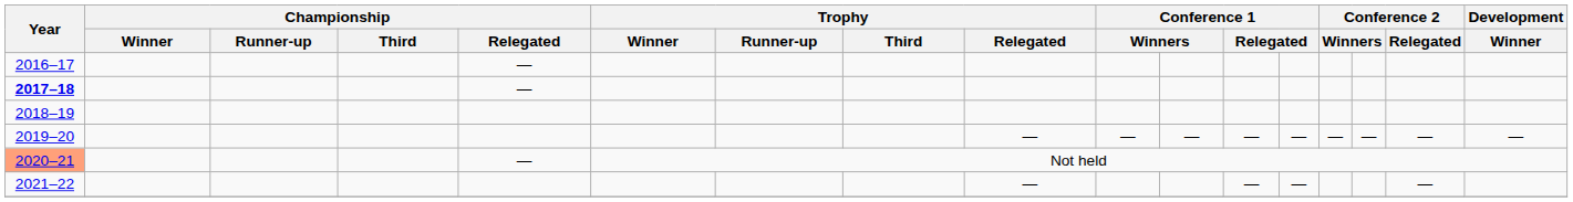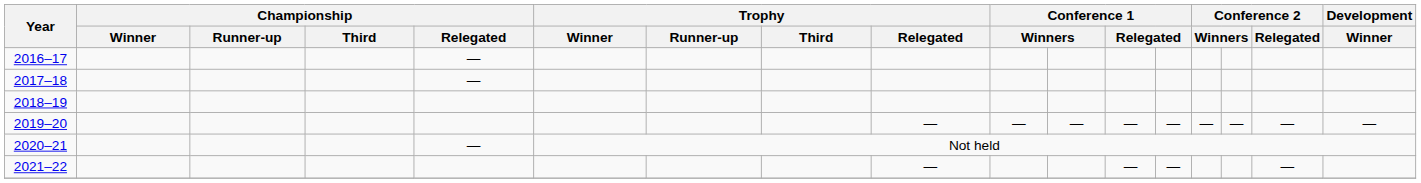 <table class="wikitable" style="font-size:95%; text-align: center;">
 <tr>
 <th rowspan=2 width=6%>Year</th>
 <th colspan=4>Championship</th>
 <th colspan=4>Trophy</th>
 <th colspan=4>Conference 1</th>
 <th colspan=3>Conference 2</th>
 <th>Development</th>
 </tr>
 <tr>
 <th width=10%>Winner</th>
 <th width=10%>Runner-up</th>
 <th width=10%>Third</th>
 <th width=10%>Relegated</th>
 <th width=10%>Winner</th>
 <th width=10%>Runner-up</th>
 <th width=10%>Third</th>
 <th width=10%>Relegated</th>
 <th colspan=2 width=10%>Winners</th>
 <th colspan=2 width=10%>Relegated</th>
 <th colspan=2 width=10%>Winners</th>
 <th width=10%>Relegated</th>
 <th width=10%>Winner</th>
 </tr>
 <tr>
 <td><a href='#'>2016–17</a></td>
 <td></td>
 <td></td>
 <td></td>
 <td>—</td>
 <td></td>
 <td></td>
 <td></td>
 <td></td>
 <td></td>
 <td></td>
 <td></td>
 <td></td>
 <td></td>
 <td></td>
 <td></td>
 <td></td>
 </tr>
 <tr>
-<td><strong><a href='#'>2017–18</a></strong></td>
+<td><a href='#'>2017–18</a></td>
 <td></td>
 <td></td>
 <td></td>
 <td>—</td>
 <td></td>
 <td></td>
 <td></td>
 <td></td>
 <td></td>
 <td></td>
 <td></td>
 <td></td>
 <td></td>
 <td></td>
 <td></td>
 <td></td>
 </tr>
 <tr>
 <td><a href='#'>2018–19</a></td>
 <td></td>
 <td></td>
 <td></td>
 <td></td>
 <td></td>
 <td></td>
 <td></td>
 <td></td>
 <td></td>
 <td></td>
 <td></td>
 <td></td>
 <td></td>
 <td></td>
 <td></td>
 <td></td>
 </tr>
 <tr>
 <td><a href='#'>2019–20</a></td>
 <td></td>
 <td></td>
 <td></td>
 <td></td>
 <td></td>
 <td></td>
 <td></td>
 <td>—</td>
 <td>—</td>
 <td>—</td>
 <td>—</td>
 <td>—</td>
 <td>—</td>
 <td>—</td>
 <td>—</td>
 <td>—</td>
 </tr>
 <tr>
-<td style="background: lightsalmon;"><a href='#'>2020–21</a></td>
+<td><a href='#'>2020–21</a></td>
 <td></td>
 <td></td>
 <td></td>
 <td>—</td>
 <td colspan=12>Not held</td>
 </tr>
 <tr>
 <td><a href='#'>2021–22</a></td>
 <td></td>
 <td></td>
 <td></td>
 <td></td>
 <td></td>
 <td></td>
 <td></td>
 <td>—</td>
 <td></td>
 <td></td>
 <td>—</td>
 <td>—</td>
 <td></td>
 <td></td>
 <td>—</td>
 <td></td>
 </tr>
 <tr>
 </tr>
 </table>
